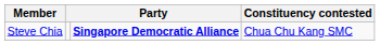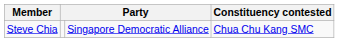 <table class="wikitable sortable">
 <tr>
 <th>Member</th>
 <th colspan="2">Party</th>
 <th>Constituency contested</th>
 </tr>
 <tr>
 <td><a href='#'>Steve Chia</a></td>
 <td></td>
-<td><strong><a href='#'>Singapore Democratic Alliance</a></strong></td>
+<td><a href='#'>Singapore Democratic Alliance</a></td>
 <td><a href='#'>Chua Chu Kang SMC</a></td>
 </tr>
 </table>
